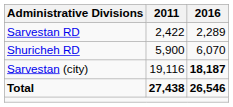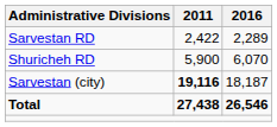 <table class="wikitable">
 <tr>
 <th>Administrative Divisions</th>
 <th>2011</th>
 <th>2016</th>
 </tr>
 <tr>
 <td><a href='#'>Sarvestan RD</a></td>
 <td style="text-align: right;">2,422</td>
 <td style="text-align: right;">2,289</td>
 </tr>
 <tr>
 <td><a href='#'>Shuricheh RD</a></td>
 <td style="text-align: right;">5,900</td>
 <td style="text-align: right;">6,070</td>
 </tr>
 <tr>
 <td><a href='#'>Sarvestan</a> (city)</td>
-<td style="text-align: right;">19,116</td>
-<td style="text-align: right;"><strong>18,187</strong></td>
+<td style="text-align: right;"><strong>19,116</strong></td>
+<td style="text-align: right;">18,187</td>
 </tr>
 <tr>
 <td><strong>Total</strong></td>
 <td style="text-align: right;"><strong>27,438</strong></td>
 <td style="text-align: right;"><strong>26,546</strong></td>
 </tr>
 <tr>
 <td colspan=3></td>
 </tr>
 </table>
